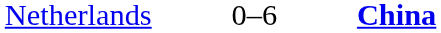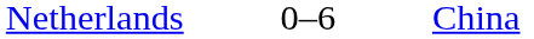 <table style="text-align:center">
 <tr>
 <th width=200></th>
 <th width=100></th>
 <th width=200></th>
 </tr>
 <tr>
 <td align=right><a href='#'>Netherlands</a> </td>
 <td>0–6</td>
-<td align=left><strong> <a href='#'>China</a></strong></td>
+<td align=left> <a href='#'>China</a></td>
 </tr>
 <tr>
 </tr>
 </table>
